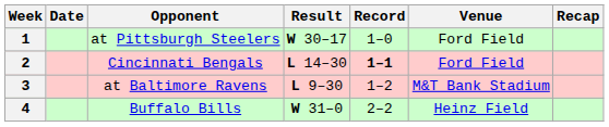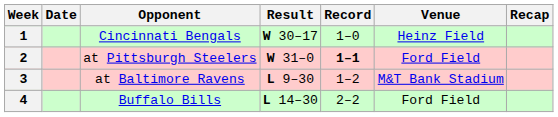 <table class="wikitable" style="text-align:center">
 <tr>
 <th>Week</th>
 <th>Date</th>
 <th>Opponent</th>
 <th>Result</th>
 <th>Record</th>
 <th>Venue</th>
 <th>Recap</th>
 </tr>
 <tr style="background:#cfc">
 <th>1</th>
 <td></td>
-<td>at <a href='#'>Pittsburgh Steelers</a></td>
+<td><a href='#'>Cincinnati Bengals</a></td>
 <td><strong>W</strong> 30–17</td>
 <td>1–0</td>
-<td>Ford Field</td>
+<td><a href='#'>Heinz Field</a></td>
 <td></td>
 </tr>
 <tr style="background:#fcc">
 <th>2</th>
 <td></td>
-<td><a href='#'>Cincinnati Bengals</a></td>
-<td><strong>L</strong> 14–30</td>
+<td>at <a href='#'>Pittsburgh Steelers</a></td>
+<td><strong>W</strong> 31–0</td>
 <td><strong>1–1</strong></td>
 <td><a href='#'>Ford Field</a></td>
 <td></td>
 </tr>
 <tr style="background:#fcc">
 <th>3</th>
 <td></td>
 <td>at <a href='#'>Baltimore Ravens</a></td>
 <td><strong>L</strong> 9–30</td>
 <td>1–2</td>
 <td><a href='#'>M&T Bank Stadium</a></td>
 <td></td>
 </tr>
 <tr style="background:#cfc">
 <th>4</th>
 <td></td>
 <td><a href='#'>Buffalo Bills</a></td>
-<td><strong>W</strong> 31–0</td>
+<td><strong>L</strong> 14–30</td>
 <td>2–2</td>
-<td><a href='#'>Heinz Field</a></td>
+<td>Ford Field</td>
 <td></td>
 </tr>
 </table>
